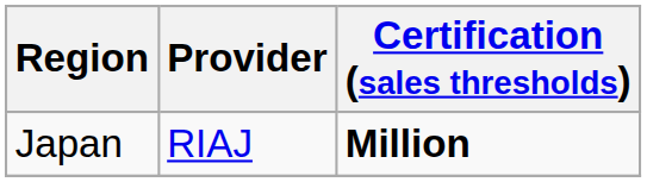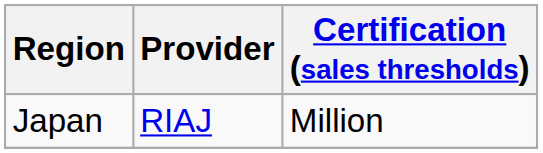 <table class="wikitable" border="1">
 <tr>
 <th>Region</th>
 <th>Provider</th>
 <th><a href='#'>Certification</a><br>(<small><a href='#'>sales thresholds</a></small>)</th>
 </tr>
 <tr>
 <td>Japan</td>
 <td><a href='#'>RIAJ</a></td>
-<td><strong>Million</strong></td>
+<td>Million</td>
 </tr>
 <tr>
 </tr>
 </table>
